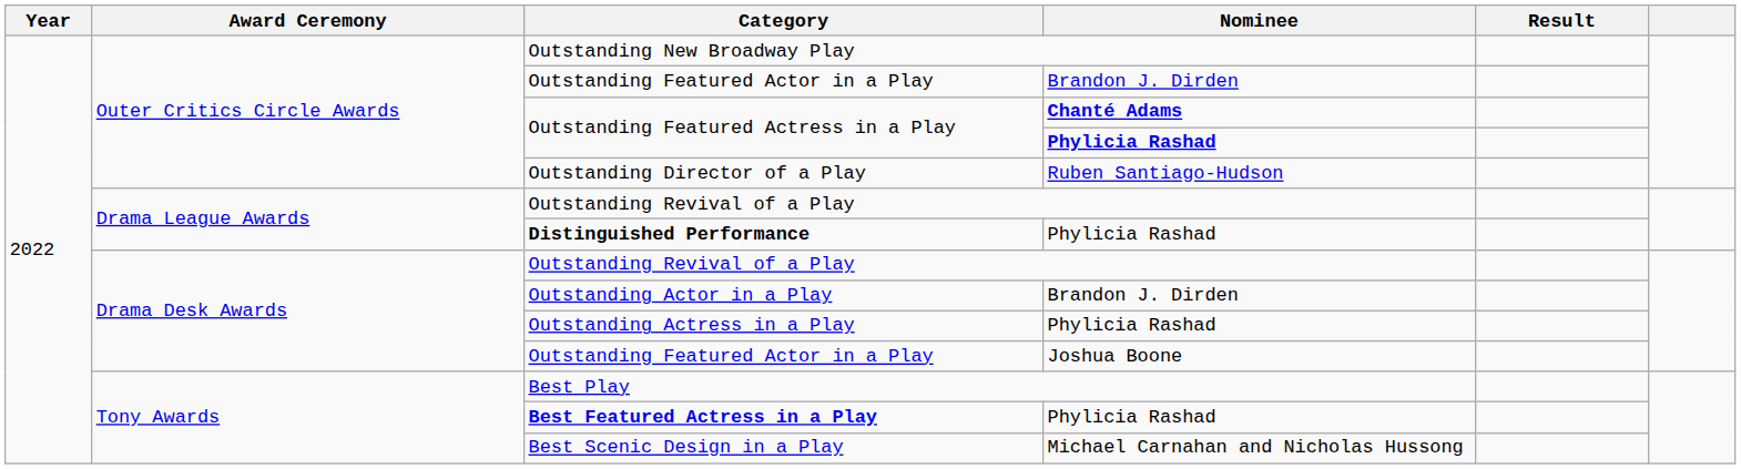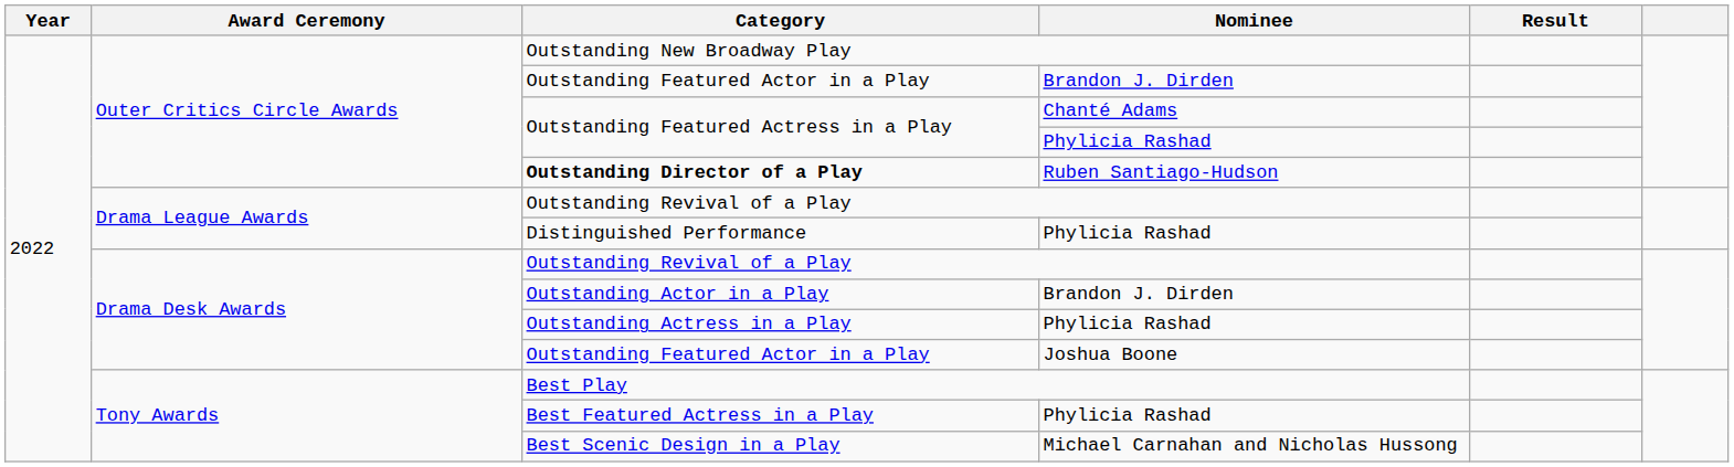 <table class=wikitable style=width:95%>
 <tr>
 <th style=width:5%>Year</th>
 <th style=width:25%>Award Ceremony</th>
 <th style=width:30%>Category</th>
 <th style=width:25%>Nominee</th>
 <th style=width:10%>Result</th>
 <th style=width:5%></th>
 </tr>
 <tr>
 <td rowspan=14>2022</td>
 <td rowspan=5><a href='#'>Outer Critics Circle Awards</a></td>
 <td colspan=2>Outstanding New Broadway Play</td>
 <td></td>
 <td rowspan=5></td>
 </tr>
 <tr>
 <td>Outstanding Featured Actor in a Play</td>
 <td><a href='#'>Brandon J. Dirden</a></td>
 <td></td>
 </tr>
 <tr>
 <td rowspan=2>Outstanding Featured Actress in a Play</td>
-<td><strong><a href='#'>Chanté Adams</a></strong></td>
+<td><a href='#'>Chanté Adams</a></td>
 <td></td>
 </tr>
 <tr>
-<td><strong><a href='#'>Phylicia Rashad</a></strong></td>
+<td><a href='#'>Phylicia Rashad</a></td>
 <td></td>
 </tr>
 <tr>
-<td>Outstanding Director of a Play</td>
+<td><strong>Outstanding Director of a Play</strong></td>
 <td><a href='#'>Ruben Santiago-Hudson</a></td>
 <td></td>
 </tr>
 <tr>
 <td rowspan=2><a href='#'>Drama League Awards</a></td>
 <td colspan=2>Outstanding Revival of a Play</td>
 <td></td>
 <td rowspan=2></td>
 </tr>
 <tr>
-<td><strong>Distinguished Performance</strong></td>
+<td>Distinguished Performance</td>
 <td>Phylicia Rashad</td>
 <td></td>
 </tr>
 <tr>
 <td rowspan=4><a href='#'>Drama Desk Awards</a></td>
 <td colspan=2><a href='#'>Outstanding Revival of a Play</a></td>
 <td></td>
 <td rowspan=4></td>
 </tr>
 <tr>
 <td><a href='#'>Outstanding Actor in a Play</a></td>
 <td>Brandon J. Dirden</td>
 <td></td>
 </tr>
 <tr>
 <td><a href='#'>Outstanding Actress in a Play</a></td>
 <td>Phylicia Rashad</td>
 <td></td>
 </tr>
 <tr>
 <td><a href='#'>Outstanding Featured Actor in a Play</a></td>
 <td>Joshua Boone</td>
 <td></td>
 </tr>
 <tr>
 <td rowspan=3><a href='#'>Tony Awards</a></td>
 <td colspan=2><a href='#'>Best Play</a></td>
 <td></td>
 <td rowspan=3></td>
 </tr>
 <tr>
-<td><strong><a href='#'>Best Featured Actress in a Play</a></strong></td>
+<td><a href='#'>Best Featured Actress in a Play</a></td>
 <td>Phylicia Rashad</td>
 <td></td>
 </tr>
 <tr>
 <td><a href='#'>Best Scenic Design in a Play</a></td>
 <td>Michael Carnahan and Nicholas Hussong</td>
 <td></td>
 </tr>
 </table>
